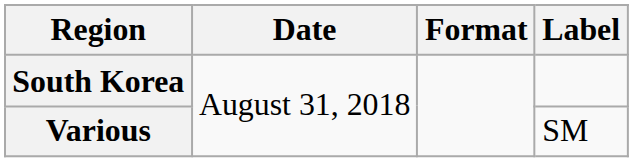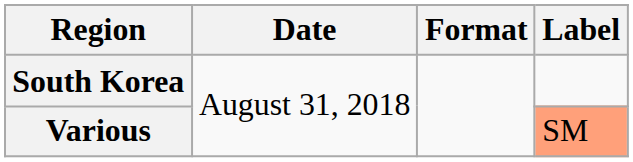 <table class="wikitable plainrowheaders">
 <tr>
 <th>Region</th>
 <th>Date</th>
 <th>Format</th>
 <th>Label</th>
 </tr>
 <tr>
 <th scope="row">South Korea</th>
 <td rowspan="2">August 31, 2018</td>
 <td rowspan="2"></td>
 <td></td>
 </tr>
 <tr>
 <th scope="row">Various</th>
-<td>SM</td>
+<td style="background: lightsalmon;">SM</td>
 </tr>
 </table>
